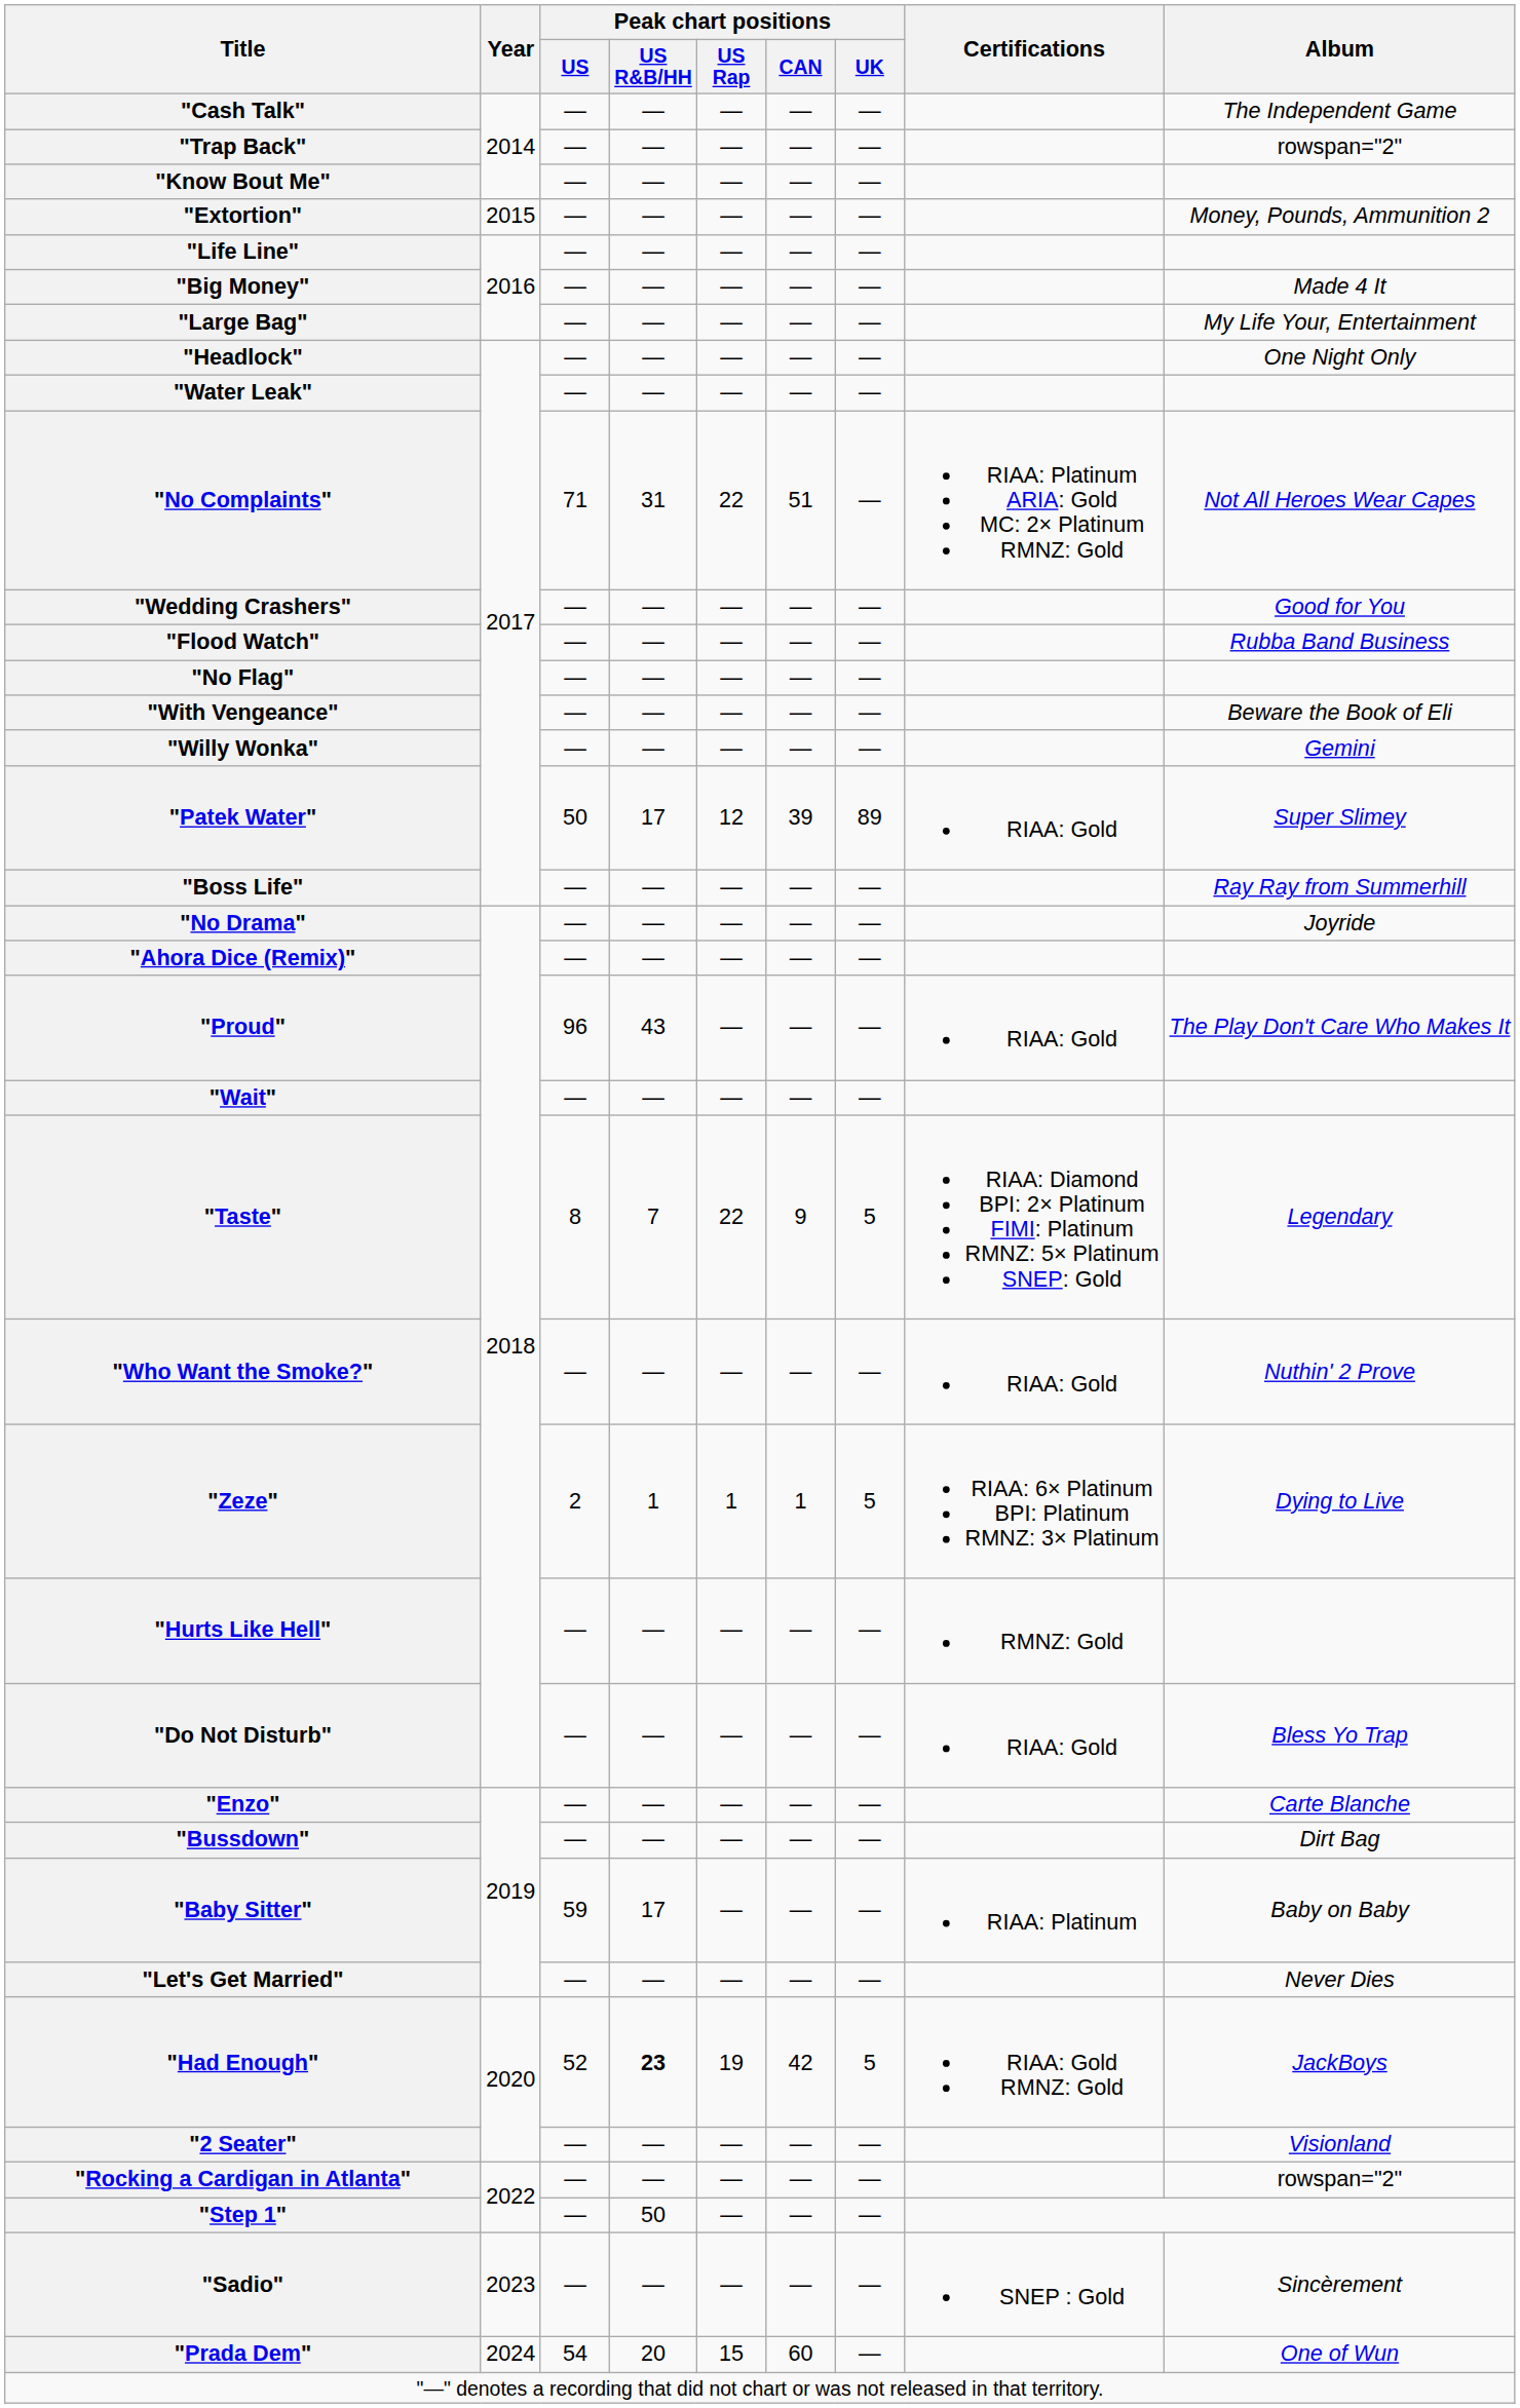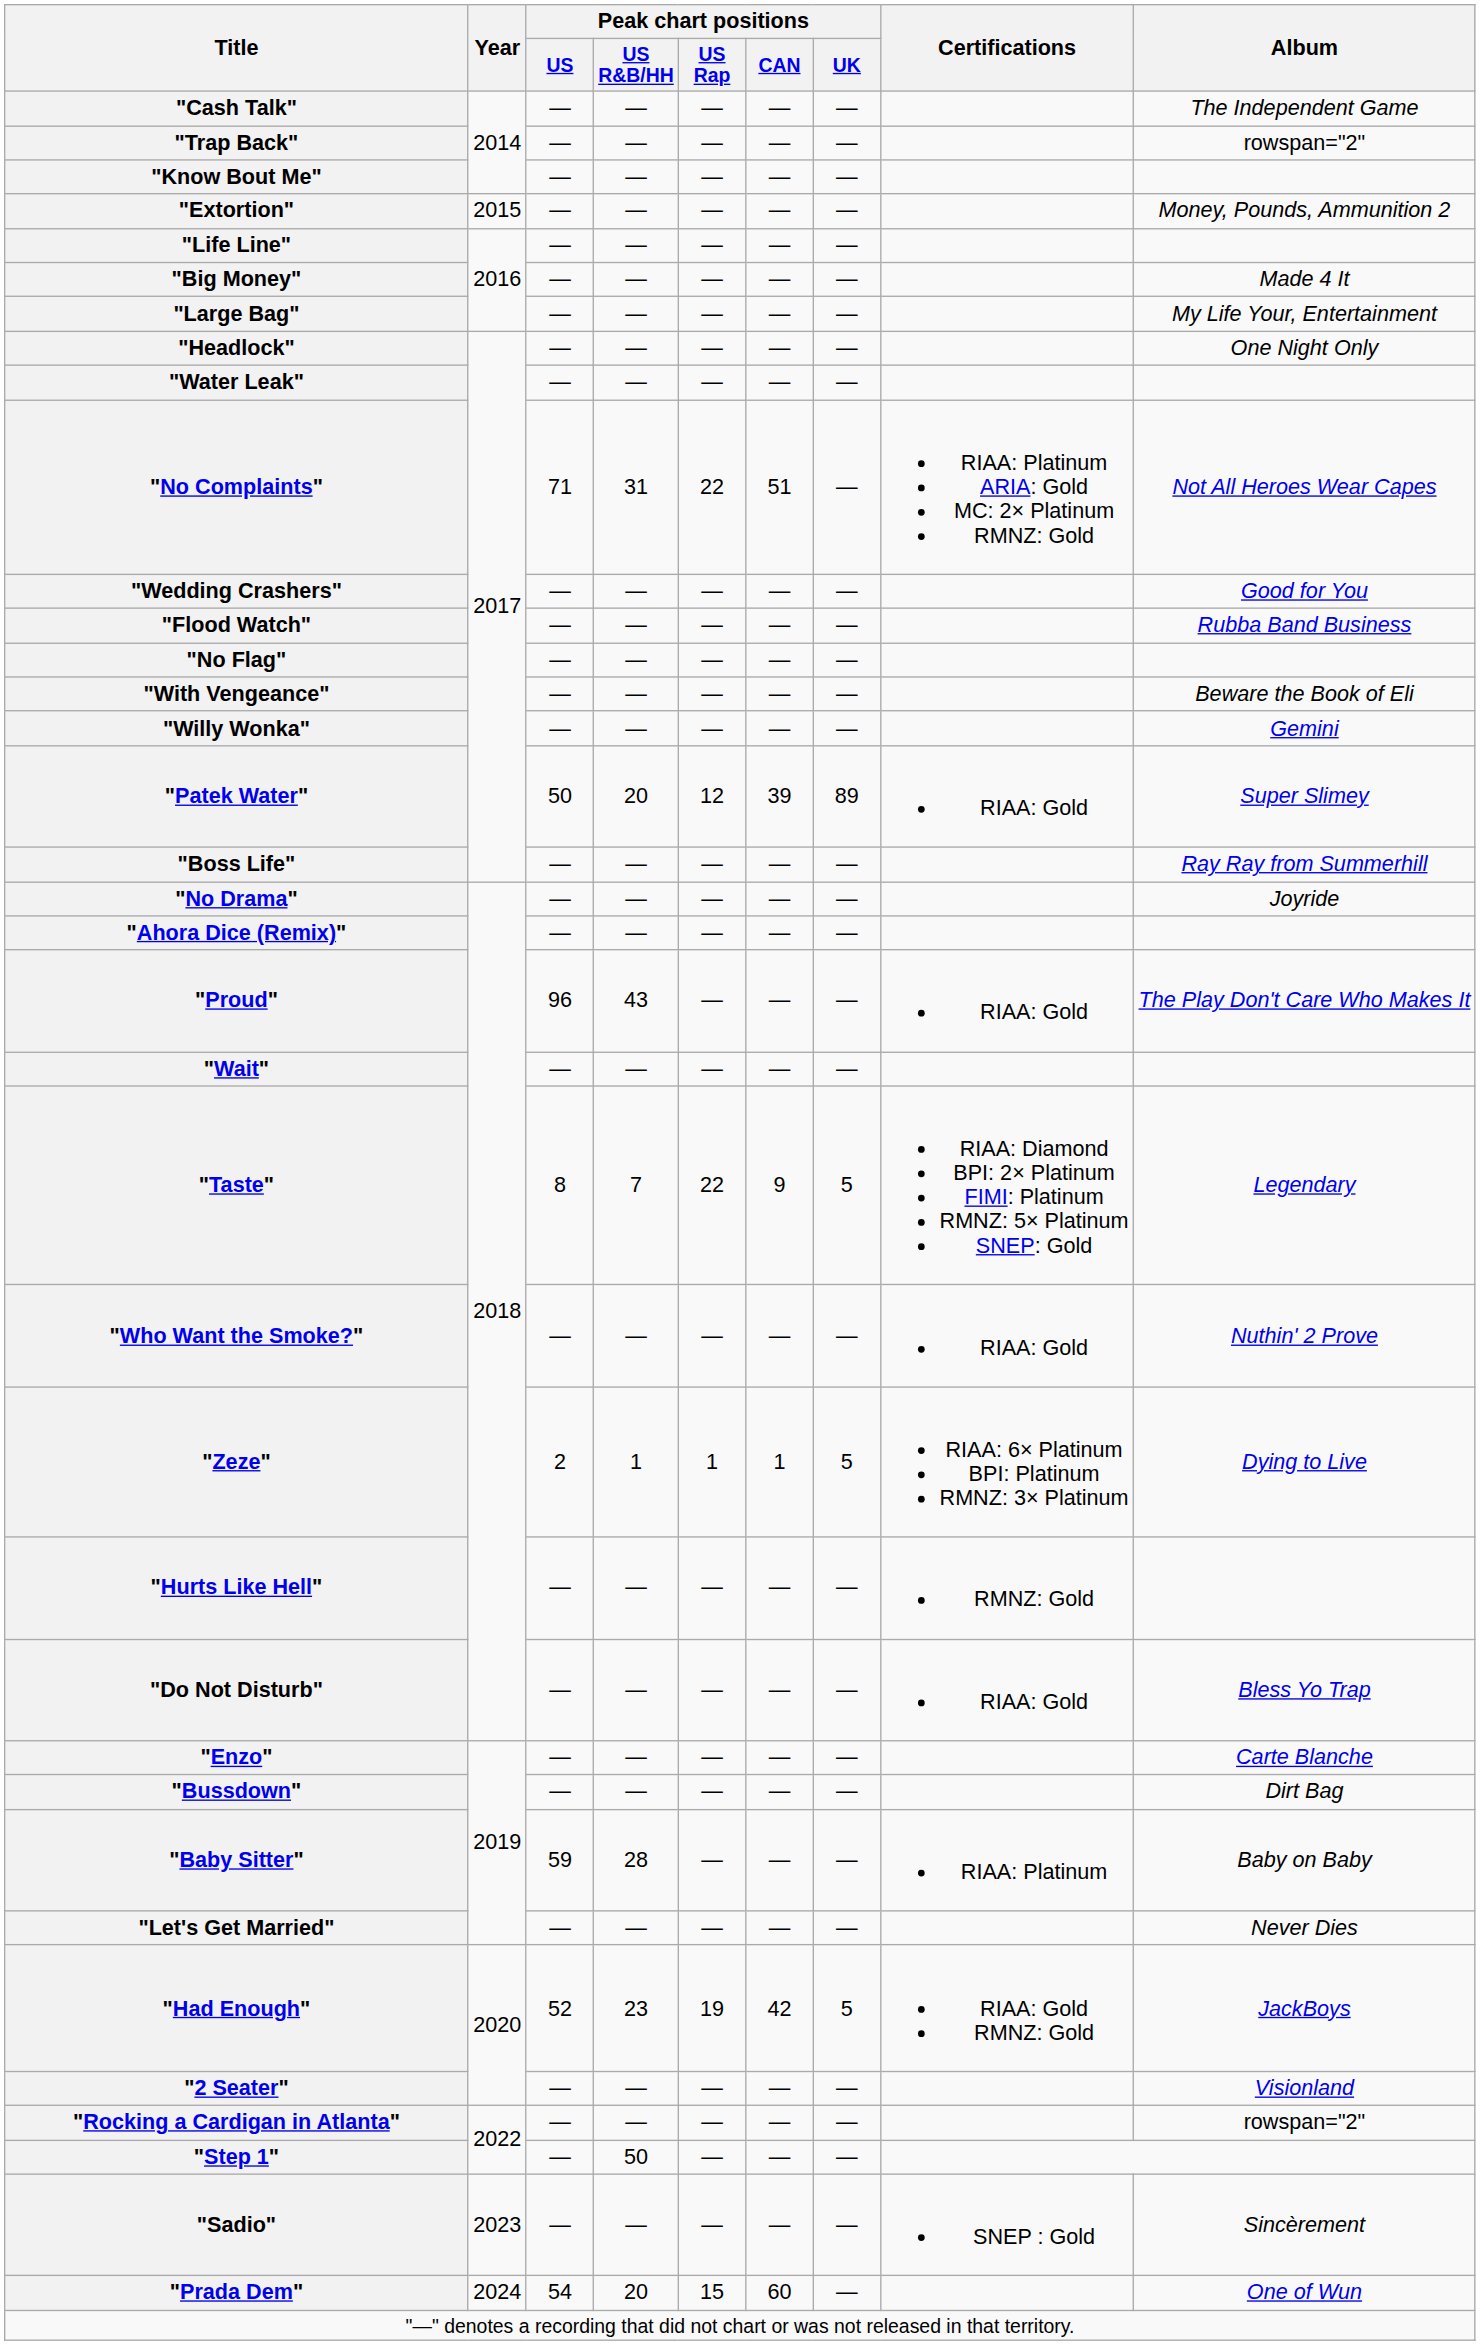 <table class="wikitable plainrowheaders" style="text-align:center;">
 <tr>
 <th scope="col" rowspan="2" style="width:21em;">Title</th>
 <th scope="col" rowspan="2">Year</th>
 <th scope="col" colspan="5">Peak chart positions</th>
 <th scope="col" rowspan="2">Certifications</th>
 <th scope="col" rowspan="2">Album</th>
 </tr>
 <tr>
 <th scope="col" style="width:3em;font-size:90%;"><a href='#'>US</a><br></th>
 <th scope="col" style="width:3em;font-size:90%;"><a href='#'>US R&B/HH</a><br></th>
 <th scope="col" style="width:3em;font-size:90%;"><a href='#'>US Rap</a><br></th>
 <th scope="col" style="width:3em;font-size:90%;"><a href='#'>CAN</a><br></th>
 <th scope="col" style="width:3em;font-size:90%;"><a href='#'>UK</a><br></th>
 </tr>
 <tr>
 <th scope="row">"Cash Talk"<br></th>
 <td rowspan="3">2014</td>
 <td>—</td>
 <td>—</td>
 <td>—</td>
 <td>—</td>
 <td>—</td>
 <td></td>
 <td><em>The Independent Game</em></td>
 </tr>
 <tr>
 <th scope="row">"Trap Back"<br></th>
 <td>—</td>
 <td>—</td>
 <td>—</td>
 <td>—</td>
 <td>—</td>
 <td></td>
 <td>rowspan="2" </td>
 </tr>
 <tr>
 <th scope="row">"Know Bout Me"<br></th>
 <td>—</td>
 <td>—</td>
 <td>—</td>
 <td>—</td>
 <td>—</td>
 <td></td>
 </tr>
 <tr>
 <th scope="row">"Extortion"<br></th>
 <td>2015</td>
 <td>—</td>
 <td>—</td>
 <td>—</td>
 <td>—</td>
 <td>—</td>
 <td></td>
 <td><em>Money, Pounds, Ammunition 2</em></td>
 </tr>
 <tr>
 <th scope="row">"Life Line"<br></th>
 <td rowspan="3">2016</td>
 <td>—</td>
 <td>—</td>
 <td>—</td>
 <td>—</td>
 <td>—</td>
 <td></td>
 <td></td>
 </tr>
 <tr>
 <th scope="row">"Big Money"<br></th>
 <td>—</td>
 <td>—</td>
 <td>—</td>
 <td>—</td>
 <td>—</td>
 <td></td>
 <td><em>Made 4 It</em></td>
 </tr>
 <tr>
 <th scope="row">"Large Bag"<br></th>
 <td>—</td>
 <td>—</td>
 <td>—</td>
 <td>—</td>
 <td>—</td>
 <td></td>
 <td><em>My Life Your, Entertainment</em></td>
 </tr>
 <tr>
 <th scope="row">"Headlock"<br></th>
 <td rowspan="10">2017</td>
 <td>—</td>
 <td>—</td>
 <td>—</td>
 <td>—</td>
 <td>—</td>
 <td></td>
 <td><em>One Night Only</em></td>
 </tr>
 <tr>
 <th scope="row">"Water Leak"<br></th>
 <td>—</td>
 <td>—</td>
 <td>—</td>
 <td>—</td>
 <td>—</td>
 <td></td>
 <td></td>
 </tr>
 <tr>
 <th scope="row">"<a href='#'>No Complaints</a>"<br></th>
 <td>71</td>
 <td>31</td>
 <td>22</td>
 <td>51</td>
 <td>—</td>
 <td><br><ul><li>RIAA: Platinum</li><li><a href='#'>ARIA</a>: Gold</li><li>MC: 2× Platinum</li><li>RMNZ: Gold</li></ul></td>
 <td><em><a href='#'>Not All Heroes Wear Capes</a></em></td>
 </tr>
 <tr>
 <th scope="row">"Wedding Crashers"<br></th>
 <td>—</td>
 <td>—</td>
 <td>—</td>
 <td>—</td>
 <td>—</td>
 <td></td>
 <td><em><a href='#'>Good for You</a></em></td>
 </tr>
 <tr>
 <th scope="row">"Flood Watch"<br></th>
 <td>—</td>
 <td>—</td>
 <td>—</td>
 <td>—</td>
 <td>—</td>
 <td></td>
 <td><em><a href='#'>Rubba Band Business</a></em></td>
 </tr>
 <tr>
 <th scope="row">"No Flag"<br></th>
 <td>—</td>
 <td>—</td>
 <td>—</td>
 <td>—</td>
 <td>—</td>
 <td></td>
 <td></td>
 </tr>
 <tr>
 <th scope="row">"With Vengeance"<br></th>
 <td>—</td>
 <td>—</td>
 <td>—</td>
 <td>—</td>
 <td>—</td>
 <td></td>
 <td><em>Beware the Book of Eli</em></td>
 </tr>
 <tr>
 <th scope="row">"Willy Wonka"<br></th>
 <td>—</td>
 <td>—</td>
 <td>—</td>
 <td>—</td>
 <td>—</td>
 <td></td>
 <td><em><a href='#'>Gemini</a></em></td>
 </tr>
 <tr>
 <th scope="row">"<a href='#'>Patek Water</a>"<br></th>
 <td>50</td>
-<td>17</td>
+<td>20</td>
 <td>12</td>
 <td>39</td>
 <td>89</td>
 <td><br><ul><li>RIAA: Gold</li></ul></td>
 <td><em><a href='#'>Super Slimey</a></em></td>
 </tr>
 <tr>
 <th scope="row">"Boss Life"<br></th>
 <td>—</td>
 <td>—</td>
 <td>—</td>
 <td>—</td>
 <td>—</td>
 <td></td>
 <td><em><a href='#'>Ray Ray from Summerhill</a></em></td>
 </tr>
 <tr>
 <th scope="row">"<a href='#'>No Drama</a>"<br></th>
 <td rowspan="9">2018</td>
 <td>—</td>
 <td>—</td>
 <td>—</td>
 <td>—</td>
 <td>—</td>
 <td></td>
 <td><em>Joyride</em></td>
 </tr>
 <tr>
 <th scope="row">"<a href='#'>Ahora Dice (Remix)</a>"<br></th>
 <td>—</td>
 <td>—</td>
 <td>—</td>
 <td>—</td>
 <td>—</td>
 <td></td>
 <td></td>
 </tr>
 <tr>
 <th scope="row">"<a href='#'>Proud</a>"<br></th>
 <td>96</td>
 <td>43</td>
 <td>—</td>
 <td>—</td>
 <td>—</td>
 <td><br><ul><li>RIAA: Gold</li></ul></td>
 <td><em><a href='#'>The Play Don't Care Who Makes It</a></em></td>
 </tr>
 <tr>
 <th scope="row">"<a href='#'>Wait</a>"<br></th>
 <td>—</td>
 <td>—</td>
 <td>—</td>
 <td>—</td>
 <td>—</td>
 <td></td>
 <td></td>
 </tr>
 <tr>
 <th scope="row">"<a href='#'>Taste</a>"<br></th>
 <td>8</td>
 <td>7</td>
 <td>22</td>
 <td>9</td>
 <td>5</td>
 <td><br><ul><li>RIAA: Diamond</li><li>BPI: 2× Platinum</li><li><a href='#'>FIMI</a>: Platinum</li><li>RMNZ: 5× Platinum</li><li><a href='#'>SNEP</a>: Gold</li></ul></td>
 <td><em><a href='#'>Legendary</a></em></td>
 </tr>
 <tr>
 <th scope="row">"<a href='#'>Who Want the Smoke?</a>"<br></th>
 <td>—</td>
 <td>—</td>
 <td>—</td>
 <td>—</td>
 <td>—</td>
 <td><br><ul><li>RIAA: Gold</li></ul></td>
 <td><em><a href='#'>Nuthin' 2 Prove</a></em></td>
 </tr>
 <tr>
 <th scope="row">"<a href='#'>Zeze</a>"<br></th>
 <td>2</td>
 <td>1</td>
 <td>1</td>
 <td>1</td>
 <td>5</td>
 <td><br><ul><li>RIAA: 6× Platinum</li><li>BPI: Platinum</li><li>RMNZ: 3× Platinum</li></ul></td>
 <td><em><a href='#'>Dying to Live</a></em></td>
 </tr>
 <tr>
 <th scope="row">"<a href='#'>Hurts Like Hell</a>"<br></th>
 <td>—</td>
 <td>—</td>
 <td>—</td>
 <td>—</td>
 <td>—</td>
 <td><br><ul><li>RMNZ: Gold</li></ul></td>
 <td></td>
 </tr>
 <tr>
 <th scope="row">"Do Not Disturb"<br></th>
 <td>—</td>
 <td>—</td>
 <td>—</td>
 <td>—</td>
 <td>—</td>
 <td><br><ul><li>RIAA: Gold</li></ul></td>
 <td><em><a href='#'>Bless Yo Trap</a></em></td>
 </tr>
 <tr>
 <th scope="row">"<a href='#'>Enzo</a>"<br></th>
 <td rowspan="4">2019</td>
 <td>—</td>
 <td>—</td>
 <td>—</td>
 <td>—</td>
 <td>—</td>
 <td></td>
 <td><em><a href='#'>Carte Blanche</a></em></td>
 </tr>
 <tr>
 <th scope="row">"<a href='#'>Bussdown</a>"<br></th>
 <td>—</td>
 <td>—</td>
 <td>—</td>
 <td>—</td>
 <td>—</td>
 <td></td>
 <td><em>Dirt Bag</em></td>
 </tr>
 <tr>
 <th scope="row">"<a href='#'>Baby Sitter</a>"<br></th>
 <td>59</td>
-<td>17</td>
+<td>28</td>
 <td>—</td>
 <td>—</td>
 <td>—</td>
 <td><br><ul><li>RIAA: Platinum</li></ul></td>
 <td><em>Baby on Baby</em></td>
 </tr>
 <tr>
 <th scope="row">"Let's Get Married" <br></th>
 <td>—</td>
 <td>—</td>
 <td>—</td>
 <td>—</td>
 <td>—</td>
 <td></td>
 <td><em>Never Dies</em></td>
 </tr>
 <tr>
 <th scope="row">"<a href='#'>Had Enough</a>"<br></th>
 <td rowspan="2">2020</td>
 <td>52</td>
-<td><strong>23</strong></td>
+<td>23</td>
 <td>19</td>
 <td>42</td>
 <td>5</td>
 <td><br><ul><li>RIAA: Gold</li><li>RMNZ: Gold</li></ul></td>
 <td><em><a href='#'>JackBoys</a></em></td>
 </tr>
 <tr>
 <th scope="row">"<a href='#'>2 Seater</a>"<br></th>
 <td>—</td>
 <td>—</td>
 <td>—</td>
 <td>—</td>
 <td>—</td>
 <td></td>
 <td><em><a href='#'>Visionland</a></em></td>
 </tr>
 <tr>
 <th scope="row">"<a href='#'>Rocking a Cardigan in Atlanta</a>"<br></th>
 <td rowspan="2">2022</td>
 <td>—</td>
 <td>—</td>
 <td>—</td>
 <td>—</td>
 <td>—</td>
 <td></td>
 <td>rowspan="2" </td>
 </tr>
 <tr>
 <th scope="row">"<a href='#'>Step 1</a>"<br></th>
 <td>—</td>
 <td>50</td>
 <td>—</td>
 <td>—</td>
 <td>—</td>
 </tr>
 <tr>
 <th scope="row">"Sadio"<br></th>
 <td>2023</td>
 <td>—</td>
 <td>—</td>
 <td>—</td>
 <td>—</td>
 <td>—</td>
 <td><br><ul><li>SNEP : Gold</li></ul></td>
 <td><em>Sincèrement</em></td>
 </tr>
 <tr>
 <th scope="row">"<a href='#'>Prada Dem</a>"<br></th>
 <td>2024</td>
 <td>54</td>
 <td>20</td>
 <td>15</td>
 <td>60</td>
 <td>—</td>
 <td></td>
 <td><em><a href='#'>One of Wun</a></em></td>
 </tr>
 <tr>
 <td colspan="15" style="font-size:90%">"—" denotes a recording that did not chart or was not released in that territory.</td>
 </tr>
 </table>
